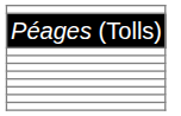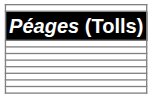 <table border=1 cellpadding=2 style="margin-left:1em; margin-bottom: 1em; color: black; border-collapse: collapse; font-size: 95%;">
 <tr align="center" bgcolor="FFFFFF" style="color: white;font-size:120%;">
 <td colspan="1"></td>
 </tr>
 <tr align="center" bgcolor="000000" style="color: white">
-<td><em>Péages</em> (Tolls)</td>
+<td><strong><em>Péages</em> (Tolls)</strong></td>
 </tr>
 <tr>
 <td></td>
 </tr>
 <tr>
 <td></td>
 </tr>
 <tr>
 <td></td>
 </tr>
 <tr>
 <td></td>
 </tr>
 <tr>
 <td></td>
 </tr>
 <tr>
 <td></td>
 </tr>
 <tr>
 <td></td>
 </tr>
 <tr>
 <td></td>
 </tr>
 </table>
